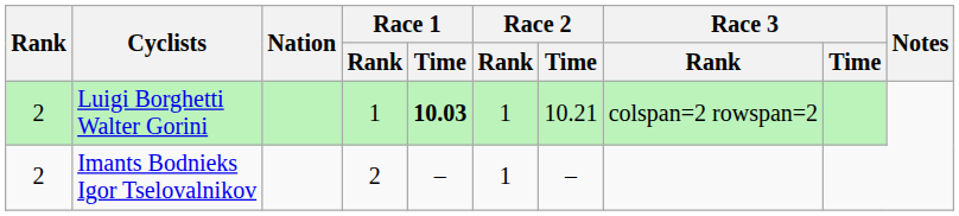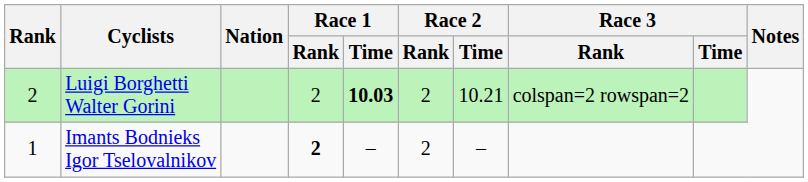 <table class="wikitable sortable" style="text-align:center">
 <tr>
 <th rowspan=2>Rank</th>
 <th rowspan=2>Cyclists</th>
 <th rowspan=2>Nation</th>
 <th colspan=2>Race 1</th>
 <th colspan=2>Race 2</th>
 <th colspan=2>Race 3</th>
 <th rowspan=2>Notes</th>
 </tr>
 <tr>
 <th>Rank</th>
 <th>Time</th>
 <th>Rank</th>
 <th>Time</th>
 <th>Rank</th>
 <th>Time</th>
 </tr>
 <tr bgcolor=bbf3bb>
 <td>2</td>
 <td align=left><a href='#'>Luigi Borghetti</a><br><a href='#'>Walter Gorini</a></td>
 <td align=left></td>
-<td>1</td>
+<td>2</td>
 <td><strong>10.03</strong></td>
-<td>1</td>
+<td>2</td>
 <td>10.21</td>
 <td>colspan=2 rowspan=2 </td>
 <td></td>
 </tr>
 <tr>
-<td>2</td>
+<td>1</td>
 <td align=left><a href='#'>Imants Bodnieks</a><br><a href='#'>Igor Tselovalnikov</a></td>
 <td align=left></td>
+<td><strong>2</strong></td>
+<td>–</td>
 <td>2</td>
-<td>–</td>
-<td>1</td>
 <td>–</td>
 <td></td>
 </tr>
 </table>
